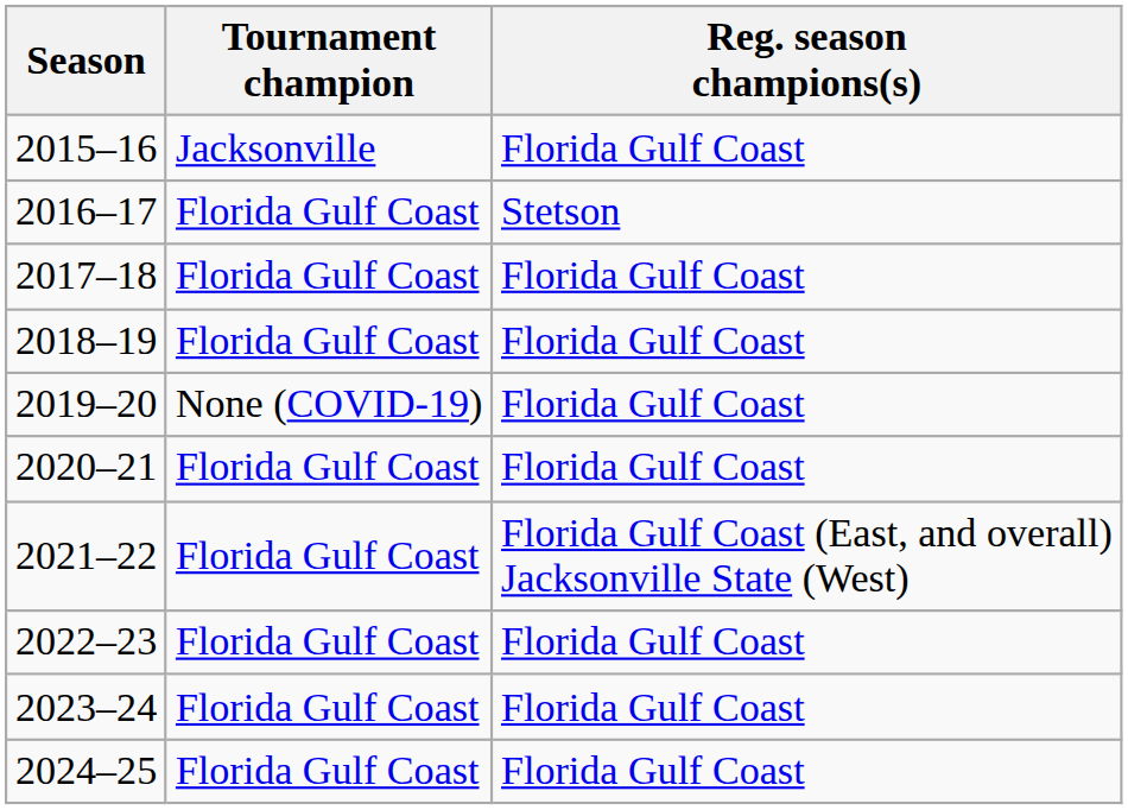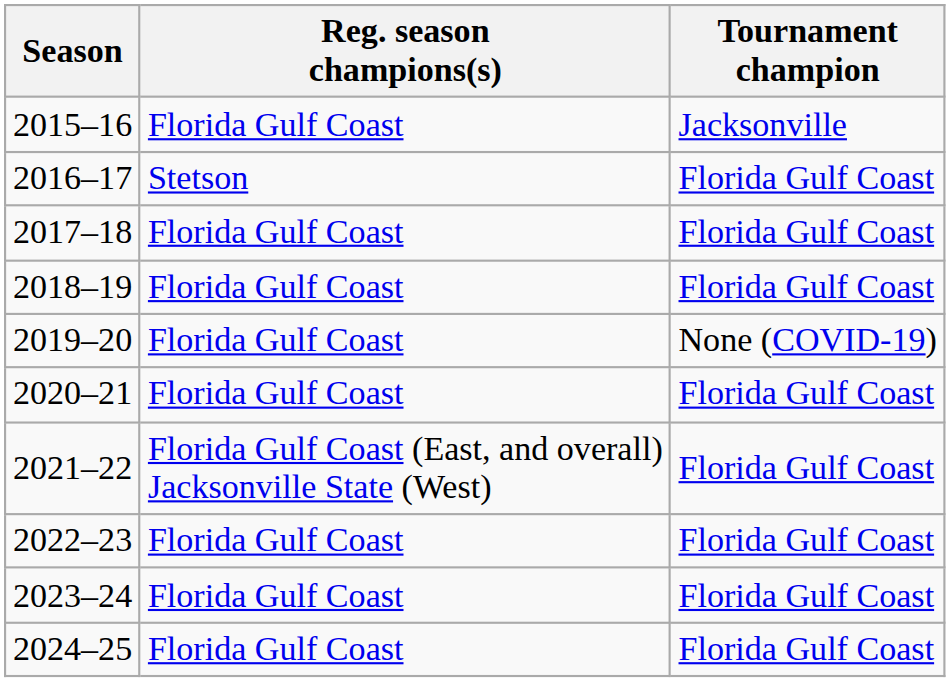 <table class="wikitable sortable">
 <tr>
 <th width=px>Season</th>
+<th width=px>Reg. season<br>champions(s)</th>
 <th width=px>Tournament<br>champion</th>
-<th width=px>Reg. season<br>champions(s)</th>
 </tr>
 <tr>
 <td>2015–16</td>
+<td><a href='#'>Florida Gulf Coast</a></td>
 <td><a href='#'>Jacksonville</a></td>
-<td><a href='#'>Florida Gulf Coast</a></td>
 </tr>
 <tr>
 <td>2016–17</td>
+<td><a href='#'>Stetson</a></td>
 <td><a href='#'>Florida Gulf Coast</a></td>
-<td><a href='#'>Stetson</a></td>
 </tr>
 <tr>
 <td>2017–18</td>
 <td><a href='#'>Florida Gulf Coast</a></td>
 <td><a href='#'>Florida Gulf Coast</a></td>
 </tr>
 <tr>
 <td>2018–19</td>
 <td><a href='#'>Florida Gulf Coast</a></td>
 <td><a href='#'>Florida Gulf Coast</a></td>
 </tr>
 <tr>
 <td>2019–20</td>
+<td><a href='#'>Florida Gulf Coast</a></td>
 <td>None (<a href='#'>COVID-19</a>)</td>
-<td><a href='#'>Florida Gulf Coast</a></td>
 </tr>
 <tr>
 <td>2020–21</td>
 <td><a href='#'>Florida Gulf Coast</a></td>
 <td><a href='#'>Florida Gulf Coast</a></td>
 </tr>
 <tr>
 <td>2021–22</td>
+<td><a href='#'>Florida Gulf Coast</a> (East, and overall)<br><a href='#'>Jacksonville State</a> (West)</td>
 <td><a href='#'>Florida Gulf Coast</a></td>
-<td><a href='#'>Florida Gulf Coast</a> (East, and overall)<br><a href='#'>Jacksonville State</a> (West)</td>
 </tr>
 <tr>
 <td>2022–23</td>
 <td><a href='#'>Florida Gulf Coast</a></td>
 <td><a href='#'>Florida Gulf Coast</a></td>
 </tr>
 <tr>
 <td>2023–24</td>
 <td><a href='#'>Florida Gulf Coast</a></td>
 <td><a href='#'>Florida Gulf Coast</a></td>
 </tr>
 <tr>
 <td>2024–25</td>
 <td><a href='#'>Florida Gulf Coast</a></td>
 <td><a href='#'>Florida Gulf Coast</a></td>
 </tr>
 </table>
